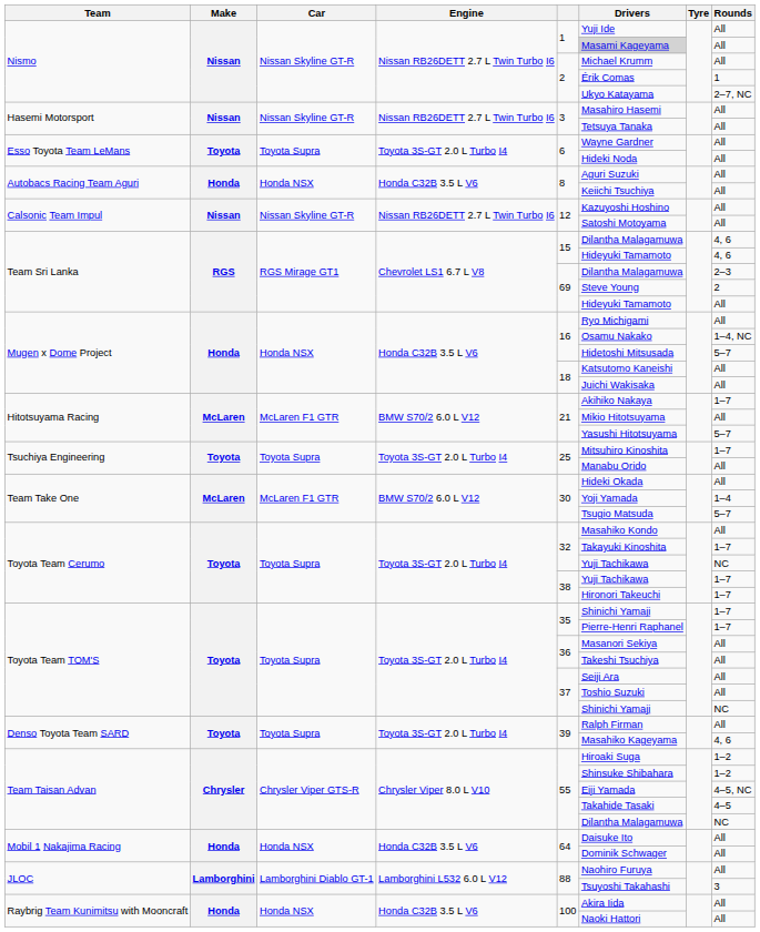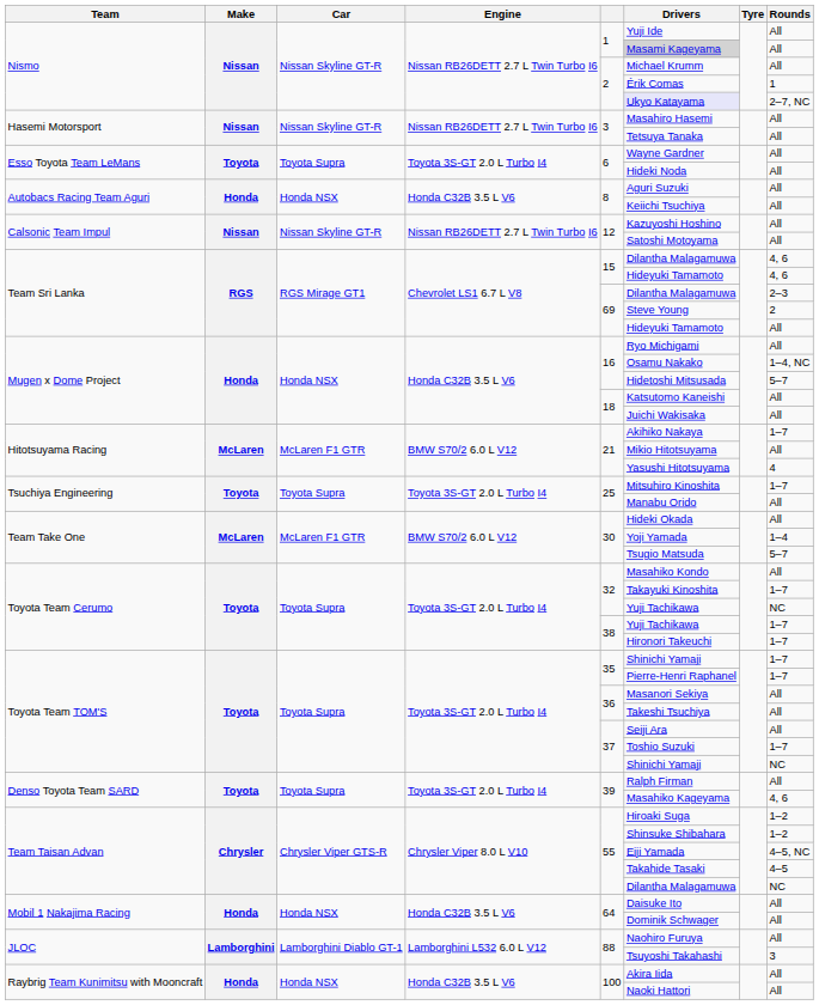 <table class="wikitable" style="font-size: 85%;">
 <tr>
 <th>Team</th>
 <th>Make</th>
 <th>Car</th>
 <th>Engine</th>
 <th></th>
 <th>Drivers</th>
 <th>Tyre</th>
 <th>Rounds</th>
 </tr>
 <tr>
 <td rowspan=5><a href='#'>Nismo</a></td>
 <th rowspan=5><a href='#'>Nissan</a></th>
 <td rowspan=5><a href='#'>Nissan Skyline GT-R</a></td>
 <td rowspan=5><a href='#'>Nissan RB26DETT</a> 2.7 L <a href='#'>Twin Turbo</a> <a href='#'>I6</a></td>
 <td rowspan=2>1</td>
 <td> <a href='#'>Yuji Ide</a></td>
 <td rowspan=5 align="center"></td>
 <td>All</td>
 </tr>
 <tr>
 <td style="background: lightgrey;"> <a href='#'>Masami Kageyama</a></td>
 <td>All</td>
 </tr>
 <tr>
 <td rowspan=3>2</td>
 <td> <a href='#'>Michael Krumm</a></td>
 <td>All</td>
 </tr>
 <tr>
 <td> <a href='#'>Érik Comas</a></td>
 <td>1</td>
 </tr>
 <tr>
-<td> <a href='#'>Ukyo Katayama</a></td>
+<td style="background: lavender;"> <a href='#'>Ukyo Katayama</a></td>
 <td>2–7, NC</td>
 </tr>
 <tr>
 <td rowspan=2>Hasemi Motorsport</td>
 <th rowspan=2><a href='#'>Nissan</a></th>
 <td rowspan=2><a href='#'>Nissan Skyline GT-R</a></td>
 <td rowspan=2><a href='#'>Nissan RB26DETT</a> 2.7 L <a href='#'>Twin Turbo</a> <a href='#'>I6</a></td>
 <td rowspan=2>3</td>
 <td> <a href='#'>Masahiro Hasemi</a></td>
 <td rowspan=2 align="center"></td>
 <td>All</td>
 </tr>
 <tr>
 <td> <a href='#'>Tetsuya Tanaka</a></td>
 <td>All</td>
 </tr>
 <tr>
 <td rowspan=2><a href='#'>Esso</a> Toyota <a href='#'>Team LeMans</a></td>
 <th rowspan=2><a href='#'>Toyota</a></th>
 <td rowspan=2><a href='#'>Toyota Supra</a></td>
 <td rowspan=2><a href='#'>Toyota 3S-GT</a> 2.0 L <a href='#'>Turbo</a> <a href='#'>I4</a></td>
 <td rowspan=2>6</td>
 <td> <a href='#'>Wayne Gardner</a></td>
 <td rowspan=2 align="center"></td>
 <td>All</td>
 </tr>
 <tr>
 <td> <a href='#'>Hideki Noda</a></td>
 <td>All</td>
 </tr>
 <tr>
 <td rowspan=2><a href='#'>Autobacs Racing Team Aguri</a></td>
 <th rowspan=2><a href='#'>Honda</a></th>
 <td rowspan=2><a href='#'>Honda NSX</a></td>
 <td rowspan=2><a href='#'>Honda C32B</a> 3.5 L <a href='#'>V6</a></td>
 <td rowspan=2>8</td>
 <td> <a href='#'>Aguri Suzuki</a></td>
 <td rowspan=2 align="center"></td>
 <td>All</td>
 </tr>
 <tr>
 <td> <a href='#'>Keiichi Tsuchiya</a></td>
 <td>All</td>
 </tr>
 <tr>
 <td rowspan=2><a href='#'>Calsonic</a> <a href='#'>Team Impul</a></td>
 <th rowspan=2><a href='#'>Nissan</a></th>
 <td rowspan=2><a href='#'>Nissan Skyline GT-R</a></td>
 <td rowspan=2><a href='#'>Nissan RB26DETT</a> 2.7 L <a href='#'>Twin Turbo</a> <a href='#'>I6</a></td>
 <td rowspan=2>12</td>
 <td> <a href='#'>Kazuyoshi Hoshino</a></td>
 <td rowspan=2 align="center"></td>
 <td>All</td>
 </tr>
 <tr>
 <td> <a href='#'>Satoshi Motoyama</a></td>
 <td>All</td>
 </tr>
 <tr>
 <td rowspan=5>Team Sri Lanka</td>
 <th rowspan=5><a href='#'>RGS</a></th>
 <td rowspan=5><a href='#'>RGS Mirage GT1</a></td>
 <td rowspan=5><a href='#'>Chevrolet LS1</a> 6.7 L <a href='#'>V8</a></td>
 <td rowspan=2>15</td>
 <td> <a href='#'>Dilantha Malagamuwa</a></td>
 <td rowspan=5 align="center"></td>
 <td>4, 6</td>
 </tr>
 <tr>
 <td> <a href='#'>Hideyuki Tamamoto</a></td>
 <td>4, 6</td>
 </tr>
 <tr>
 <td rowspan=3>69</td>
 <td> <a href='#'>Dilantha Malagamuwa</a></td>
 <td>2–3</td>
 </tr>
 <tr>
 <td> <a href='#'>Steve Young</a></td>
 <td>2</td>
 </tr>
 <tr>
 <td> <a href='#'>Hideyuki Tamamoto</a></td>
 <td>All</td>
 </tr>
 <tr>
 <td rowspan=5><a href='#'>Mugen</a> x <a href='#'>Dome</a> Project</td>
 <th rowspan=5><a href='#'>Honda</a></th>
 <td rowspan=5><a href='#'>Honda NSX</a></td>
 <td rowspan=5><a href='#'>Honda C32B</a> 3.5 L <a href='#'>V6</a></td>
 <td rowspan=3>16</td>
 <td> <a href='#'>Ryo Michigami</a></td>
 <td rowspan=5 align="center"></td>
 <td>All</td>
 </tr>
 <tr>
 <td> <a href='#'>Osamu Nakako</a></td>
 <td>1–4, NC</td>
 </tr>
 <tr>
 <td> <a href='#'>Hidetoshi Mitsusada</a></td>
 <td>5–7</td>
 </tr>
 <tr>
 <td rowspan=2>18</td>
 <td> <a href='#'>Katsutomo Kaneishi</a></td>
 <td>All</td>
 </tr>
 <tr>
 <td> <a href='#'>Juichi Wakisaka</a></td>
 <td>All</td>
 </tr>
 <tr>
 <td rowspan=3>Hitotsuyama Racing</td>
 <th rowspan=3><a href='#'>McLaren</a></th>
 <td rowspan=3><a href='#'>McLaren F1 GTR</a></td>
 <td rowspan=3><a href='#'>BMW S70/2</a> 6.0 L <a href='#'>V12</a></td>
 <td rowspan=3>21</td>
 <td> <a href='#'>Akihiko Nakaya</a></td>
 <td rowspan=3 align="center"></td>
 <td>1–7</td>
 </tr>
 <tr>
 <td> <a href='#'>Mikio Hitotsuyama</a></td>
 <td>All</td>
 </tr>
 <tr>
 <td> <a href='#'>Yasushi Hitotsuyama</a></td>
-<td>5–7</td>
+<td>4</td>
 </tr>
 <tr>
 <td rowspan=2>Tsuchiya Engineering</td>
 <th rowspan=2><a href='#'>Toyota</a></th>
 <td rowspan=2><a href='#'>Toyota Supra</a></td>
 <td rowspan=2><a href='#'>Toyota 3S-GT</a> 2.0 L <a href='#'>Turbo</a> <a href='#'>I4</a></td>
 <td rowspan=2>25</td>
 <td> <a href='#'>Mitsuhiro Kinoshita</a></td>
 <td rowspan=2 align="center"></td>
 <td>1–7</td>
 </tr>
 <tr>
 <td> <a href='#'>Manabu Orido</a></td>
 <td>All</td>
 </tr>
 <tr>
 <td rowspan=3>Team Take One</td>
 <th rowspan=3><a href='#'>McLaren</a></th>
 <td rowspan=3><a href='#'>McLaren F1 GTR</a></td>
 <td rowspan=3><a href='#'>BMW S70/2</a> 6.0 L <a href='#'>V12</a></td>
 <td rowspan=3>30</td>
 <td> <a href='#'>Hideki Okada</a></td>
 <td rowspan=3 align="center"></td>
 <td>All</td>
 </tr>
 <tr>
 <td> <a href='#'>Yoji Yamada</a></td>
 <td>1–4</td>
 </tr>
 <tr>
 <td> <a href='#'>Tsugio Matsuda</a></td>
 <td>5–7</td>
 </tr>
 <tr>
 <td rowspan=5>Toyota Team <a href='#'>Cerumo</a></td>
 <th rowspan=5><a href='#'>Toyota</a></th>
 <td rowspan=5><a href='#'>Toyota Supra</a></td>
 <td rowspan=5><a href='#'>Toyota 3S-GT</a> 2.0 L <a href='#'>Turbo</a> <a href='#'>I4</a></td>
 <td rowspan=3>32</td>
 <td> <a href='#'>Masahiko Kondo</a></td>
 <td rowspan=5 align="center"></td>
 <td>All</td>
 </tr>
 <tr>
 <td> <a href='#'>Takayuki Kinoshita</a></td>
 <td>1–7</td>
 </tr>
 <tr>
 <td> <a href='#'>Yuji Tachikawa</a></td>
 <td>NC</td>
 </tr>
 <tr>
 <td rowspan=2>38</td>
 <td> <a href='#'>Yuji Tachikawa</a></td>
 <td>1–7</td>
 </tr>
 <tr>
 <td> <a href='#'>Hironori Takeuchi</a></td>
 <td>1–7</td>
 </tr>
 <tr>
 <td rowspan=7>Toyota Team <a href='#'>TOM'S</a></td>
 <th rowspan=7><a href='#'>Toyota</a></th>
 <td rowspan=7><a href='#'>Toyota Supra</a></td>
 <td rowspan=7><a href='#'>Toyota 3S-GT</a> 2.0 L <a href='#'>Turbo</a> <a href='#'>I4</a></td>
 <td rowspan=2>35</td>
 <td> <a href='#'>Shinichi Yamaji</a></td>
 <td rowspan=7 align="center"></td>
 <td>1–7</td>
 </tr>
 <tr>
 <td> <a href='#'>Pierre-Henri Raphanel</a></td>
 <td>1–7</td>
 </tr>
 <tr>
 <td rowspan=2>36</td>
 <td> <a href='#'>Masanori Sekiya</a></td>
 <td>All</td>
 </tr>
 <tr>
 <td> <a href='#'>Takeshi Tsuchiya</a></td>
 <td>All</td>
 </tr>
 <tr>
 <td rowspan=3>37</td>
 <td> <a href='#'>Seiji Ara</a></td>
 <td>All</td>
 </tr>
 <tr>
 <td> <a href='#'>Toshio Suzuki</a></td>
-<td>All</td>
+<td>1–7</td>
 </tr>
 <tr>
 <td> <a href='#'>Shinichi Yamaji</a></td>
 <td>NC</td>
 </tr>
 <tr>
 <td rowspan=2><a href='#'>Denso</a> Toyota Team <a href='#'>SARD</a></td>
 <th rowspan=2><a href='#'>Toyota</a></th>
 <td rowspan=2><a href='#'>Toyota Supra</a></td>
 <td rowspan=2><a href='#'>Toyota 3S-GT</a> 2.0 L <a href='#'>Turbo</a> <a href='#'>I4</a></td>
 <td rowspan=2>39</td>
 <td> <a href='#'>Ralph Firman</a></td>
 <td rowspan=2 align="center"></td>
 <td>All</td>
 </tr>
 <tr>
 <td> <a href='#'>Masahiko Kageyama</a></td>
 <td>4, 6</td>
 </tr>
 <tr>
 <td rowspan=5><a href='#'>Team Taisan Advan</a></td>
 <th rowspan=5><a href='#'>Chrysler</a></th>
 <td rowspan=5><a href='#'>Chrysler Viper GTS-R</a></td>
 <td rowspan=5><a href='#'>Chrysler Viper</a> 8.0 L <a href='#'>V10</a></td>
 <td rowspan=5>55</td>
 <td> <a href='#'>Hiroaki Suga</a></td>
 <td rowspan=5 align="center"></td>
 <td>1–2</td>
 </tr>
 <tr>
 <td> <a href='#'>Shinsuke Shibahara</a></td>
 <td>1–2</td>
 </tr>
 <tr>
 <td> <a href='#'>Eiji Yamada</a></td>
 <td>4–5, NC</td>
 </tr>
 <tr>
 <td> <a href='#'>Takahide Tasaki</a></td>
 <td>4–5</td>
 </tr>
 <tr>
 <td> <a href='#'>Dilantha Malagamuwa</a></td>
 <td>NC</td>
 </tr>
 <tr>
 <td rowspan=2><a href='#'>Mobil 1</a> <a href='#'>Nakajima Racing</a></td>
 <th rowspan=2><a href='#'>Honda</a></th>
 <td rowspan=2><a href='#'>Honda NSX</a></td>
 <td rowspan=2><a href='#'>Honda C32B</a> 3.5 L <a href='#'>V6</a></td>
 <td rowspan=2>64</td>
 <td> <a href='#'>Daisuke Ito</a></td>
 <td rowspan=2 align="center"></td>
 <td>All</td>
 </tr>
 <tr>
 <td> <a href='#'>Dominik Schwager</a></td>
 <td>All</td>
 </tr>
 <tr>
 <td rowspan=2><a href='#'>JLOC</a></td>
 <th rowspan=2><a href='#'>Lamborghini</a></th>
 <td rowspan=2><a href='#'>Lamborghini Diablo GT-1</a></td>
 <td rowspan=2><a href='#'>Lamborghini L532</a> 6.0 L <a href='#'>V12</a></td>
 <td rowspan=2>88</td>
 <td> <a href='#'>Naohiro Furuya</a></td>
 <td rowspan=2 align="center"></td>
 <td>All</td>
 </tr>
 <tr>
 <td> <a href='#'>Tsuyoshi Takahashi</a></td>
 <td>3</td>
 </tr>
 <tr>
 <td rowspan=2>Raybrig <a href='#'>Team Kunimitsu</a> with Mooncraft</td>
 <th rowspan=2><a href='#'>Honda</a></th>
 <td rowspan=2><a href='#'>Honda NSX</a></td>
 <td rowspan=2><a href='#'>Honda C32B</a> 3.5 L <a href='#'>V6</a></td>
 <td rowspan=2>100</td>
 <td> <a href='#'>Akira Iida</a></td>
 <td rowspan=2 align="center"></td>
 <td>All</td>
 </tr>
 <tr>
 <td> <a href='#'>Naoki Hattori</a></td>
 <td>All</td>
 </tr>
 </table>
